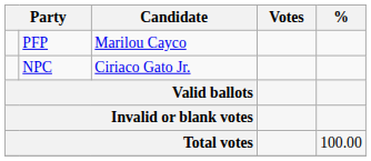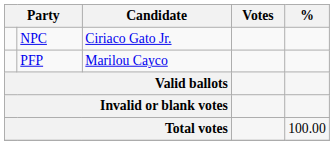 <table class="wikitable" style="font-size:90%; text-align:right;">
 <tr>
 <th colspan="2" style="width:75px;">Party</th>
 <th style="width:150px;">Candidate</th>
 <th style="width:50px;">Votes</th>
 <th style="width:10px;">%</th>
 </tr>
 <tr>
 <td style="background:"></td>
-<td style="text-align:left;"><a href='#'>PFP</a></td>
-<td style="text-align:left;"><a href='#'>Marilou Cayco</a></td>
+<td style="text-align:left;"><a href='#'>NPC</a></td>
+<td style="text-align:left;"><a href='#'>Ciriaco Gato Jr.</a></td>
 <td></td>
 <td></td>
 </tr>
 <tr>
 <td style="background:"></td>
-<td style="text-align:left;"><a href='#'>NPC</a></td>
-<td style="text-align:left;"><a href='#'>Ciriaco Gato Jr.</a></td>
+<td style="text-align:left;"><a href='#'>PFP</a></td>
+<td style="text-align:left;"><a href='#'>Marilou Cayco</a></td>
 <td></td>
 <td></td>
 </tr>
 <tr style="background-color:#F6F6F6">
 <th colspan="3" style="text-align:right;">Valid ballots</th>
 <td></td>
 <td></td>
 </tr>
 <tr style="background-color:#F6F6F6">
 <th colspan="3" style="text-align:right;">Invalid or blank votes</th>
 <td></td>
 <td></td>
 </tr>
 <tr style="background-color:#F6F6F6">
 <th colspan="3" style="text-align:right;">Total votes</th>
 <td></td>
 <td>100.00</td>
 </tr>
 <tr style="background-color:#F6F6F6">
 </tr>
 </table>
